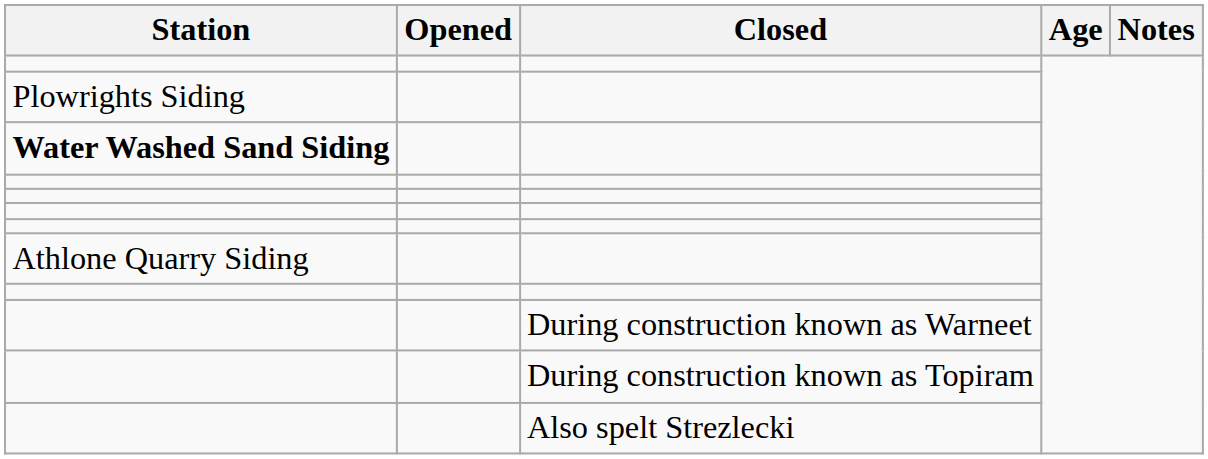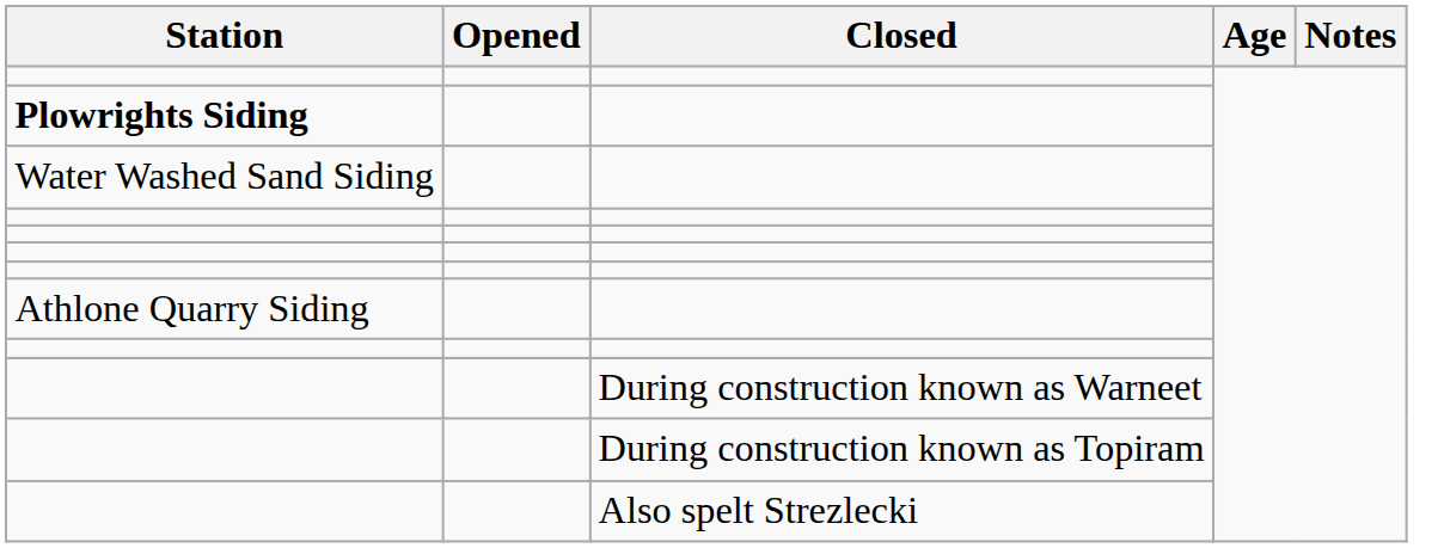 <table class="wikitable sortable">
 <tr>
 <th>Station</th>
 <th>Opened</th>
 <th>Closed</th>
 <th>Age</th>
 <th scope=col class=unsortable>Notes</th>
 </tr>
 <tr>
 <td></td>
 <td></td>
 <td></td>
 </tr>
 <tr>
-<td>Plowrights Siding</td>
+<td><strong>Plowrights Siding</strong></td>
 <td></td>
 <td></td>
 </tr>
 <tr>
-<td><strong>Water Washed Sand Siding</strong></td>
+<td>Water Washed Sand Siding</td>
 <td></td>
 <td></td>
 </tr>
 <tr>
 <td></td>
 <td></td>
 <td></td>
 </tr>
 <tr>
 <td></td>
 <td></td>
 <td></td>
 </tr>
 <tr>
 <td></td>
 <td></td>
 <td></td>
 </tr>
 <tr>
 <td></td>
 <td></td>
 <td></td>
 </tr>
 <tr>
 <td>Athlone Quarry Siding</td>
 <td></td>
 <td></td>
 </tr>
 <tr>
 <td></td>
 <td></td>
 <td></td>
 </tr>
 <tr>
 <td></td>
 <td></td>
 <td>During construction known as Warneet</td>
 </tr>
 <tr>
 <td></td>
 <td></td>
 <td>During construction known as Topiram</td>
 </tr>
 <tr>
 <td></td>
 <td></td>
 <td>Also spelt Strezlecki</td>
 </tr>
 </table>
